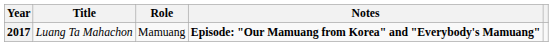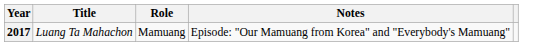 <table class="wikitable plainrowheaders">
 <tr>
 <th scope="col">Year</th>
 <th scope="col">Title</th>
 <th scope="col">Role</th>
 <th scope="col">Notes</th>
 <th scope="col" class="unsortable"></th>
 </tr>
 <tr>
 <th scope="row" rowspan="2">2017</th>
 <td><em>Luang Ta Mahachon</em></td>
 <td>Mamuang</td>
-<td><strong>Episode: "Our Mamuang from Korea" and "Everybody's Mamuang"</strong></td>
+<td>Episode: "Our Mamuang from Korea" and "Everybody's Mamuang"</td>
 <td style="text-align:center"></td>
 </tr>
 </table>
